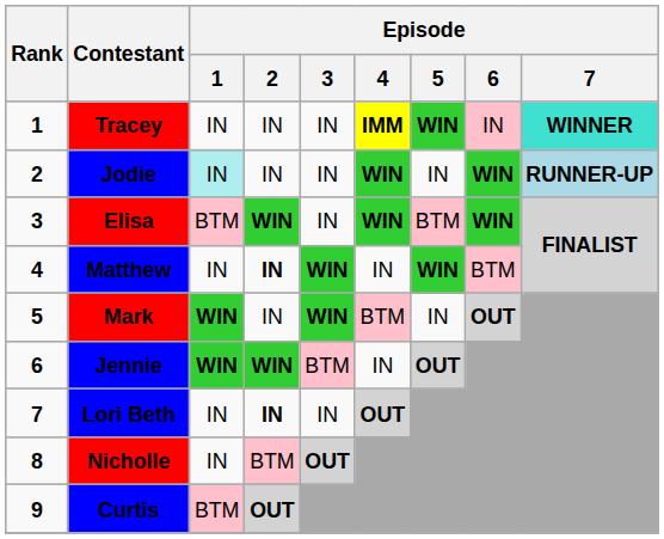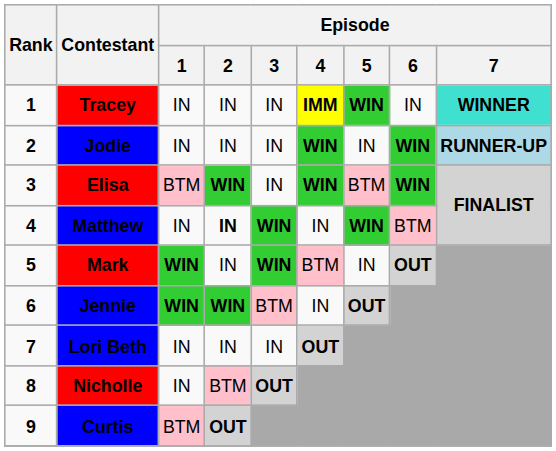 <table class="wikitable" style="text-align: center; font-size: 8.5pt; line-height:20px;">
 <tr>
 <th rowspan="2">Rank</th>
 <th rowspan="2">Contestant</th>
 <th colspan="7">Episode</th>
 </tr>
 <tr>
 <th>1</th>
 <th>2</th>
 <th>3</th>
 <th>4</th>
 <th>5</th>
 <th>6</th>
 <th>7</th>
 </tr>
 <tr>
 <td><strong>1</strong></td>
 <td style="background:red"><span><strong>Tracey</strong></span></td>
 <td>IN</td>
 <td>IN</td>
 <td>IN</td>
 <td style="background:yellow;"><strong>IMM</strong></td>
 <td style="background:limegreen;"><strong>WIN</strong></td>
-<td style="background: pink;">IN</td>
+<td>IN</td>
 <td style="background:turquoise;"><strong>WINNER</strong></td>
 </tr>
 <tr>
 <td><strong>2</strong></td>
 <td style="background:blue"><span><strong>Jodie</strong></span></td>
-<td style="background: paleturquoise;">IN</td>
+<td>IN</td>
 <td>IN</td>
 <td>IN</td>
 <td style="background:limegreen;"><strong>WIN</strong></td>
 <td>IN</td>
 <td style="background:limegreen;"><strong>WIN</strong></td>
 <td style="background:lightblue;"><strong>RUNNER-UP</strong></td>
 </tr>
 <tr>
 <td><strong>3</strong></td>
 <td style="background:red"><span><strong>Elisa</strong></span></td>
 <td style="background:pink;">BTM</td>
 <td style="background:limegreen;"><strong>WIN</strong></td>
 <td>IN</td>
 <td style="background:limegreen;"><strong>WIN</strong></td>
 <td style="background:pink;">BTM</td>
 <td style="background:limegreen;"><strong>WIN</strong></td>
 <td rowspan="2" style="background:lightgray;"><strong>FINALIST</strong></td>
 </tr>
 <tr>
 <td><strong>4</strong></td>
 <td style="background:blue"><span><strong>Matthew</strong></span></td>
 <td>IN</td>
 <td><strong>IN</strong></td>
 <td style="background:limegreen;"><strong>WIN</strong></td>
 <td>IN</td>
 <td style="background:limegreen;"><strong>WIN</strong></td>
 <td style="background:pink;">BTM</td>
 </tr>
 <tr>
 <td><strong>5</strong></td>
 <td style="background:red"><span><strong>Mark</strong></span></td>
 <td style="background:limegreen;"><strong>WIN</strong></td>
 <td>IN</td>
 <td style="background:limegreen;"><strong>WIN</strong></td>
 <td style="background:pink;">BTM</td>
 <td>IN</td>
 <td style="background:lightgray;"><strong>OUT</strong></td>
 <td colspan="1" style="background:darkgrey;"></td>
 </tr>
 <tr>
 <td><strong>6</strong></td>
 <td style="background:blue"><span><strong>Jennie</strong></span></td>
 <td style="background:limegreen;"><strong>WIN</strong></td>
 <td style="background:limegreen;"><strong>WIN</strong></td>
 <td style="background:pink;">BTM</td>
 <td>IN</td>
 <td style="background:lightgray;"><strong>OUT</strong></td>
 <td colspan="2" style="background:darkgrey;"></td>
 </tr>
 <tr>
 <td><strong>7</strong></td>
 <td style="background:blue"><span><strong>Lori Beth</strong></span></td>
 <td>IN</td>
-<td><strong>IN</strong></td>
+<td>IN</td>
 <td>IN</td>
 <td style="background:lightgray;"><strong>OUT</strong></td>
 <td colspan="3" style="background:darkgrey;"></td>
 </tr>
 <tr>
 <td><strong>8</strong></td>
 <td style="background:red"><span><strong>Nicholle</strong></span></td>
 <td>IN</td>
 <td style="background:pink;">BTM</td>
 <td style="background:lightgray;"><strong>OUT</strong></td>
 <td colspan="4" style="background:darkgrey;"></td>
 </tr>
 <tr>
 <td><strong>9</strong></td>
 <td style="background:blue"><span><strong>Curtis</strong></span></td>
 <td style="background:pink;">BTM</td>
 <td style="background:lightgray;"><strong>OUT</strong></td>
 <td colspan="5" style="background:darkgrey;"></td>
 </tr>
 <tr>
 </tr>
 </table>
